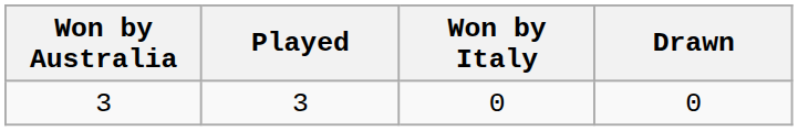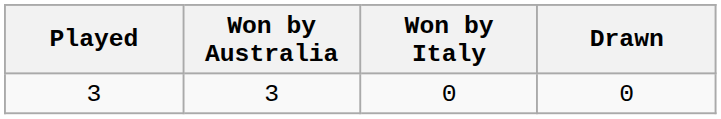 <table class="wikitable">
 <tr>
+<th width="87.5">Played</th>
 <th width="87.2">Won by<br>Australia</th>
-<th width="87.5">Played</th>
 <th width="87.2">Won by<br>Italy</th>
 <th width="87.5">Drawn</th>
 </tr>
 <tr>
 <td align=center>3</td>
 <td align=center>3</td>
 <td align=center>0</td>
 <td align=center>0</td>
 </tr>
 </table>
